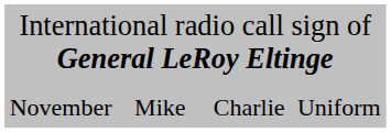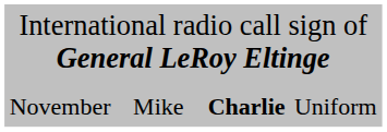 <table align=right style="background:silver">
 <tr>
 <td colspan=4 align=center>International radio call sign of<br><strong><em>General LeRoy Eltinge</em></strong></td>
 </tr>
 <tr>
 <td align=center width=45px></td>
 <td align=center width=45px></td>
 <td align=center width=45px></td>
 <td align=center width=45px></td>
 </tr>
 <tr>
 <td align=center><small>November</small></td>
 <td align=center><small>Mike</small></td>
-<td align=center><small>Charlie</small></td>
+<td align=center><strong><small>Charlie</small></strong></td>
 <td align=center><small>Uniform</small></td>
 </tr>
 </table>
